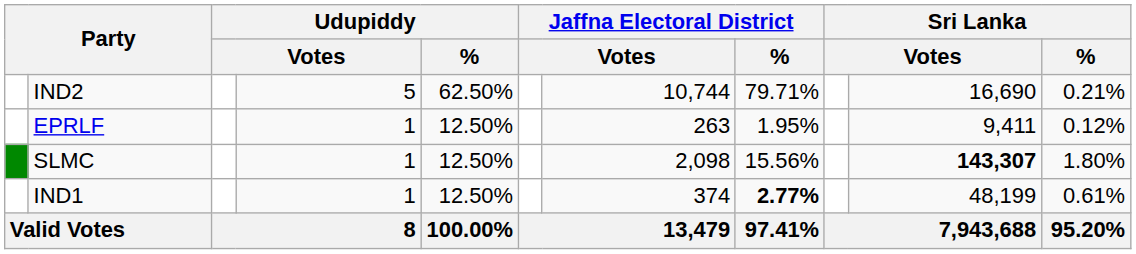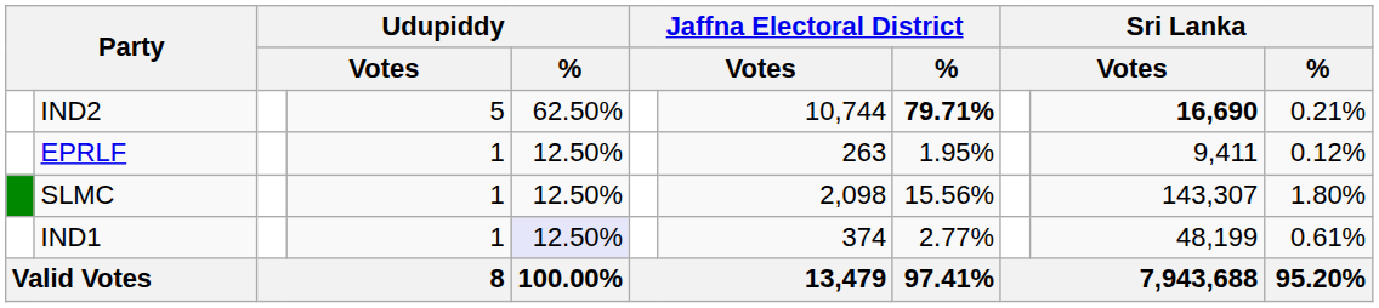 <table class="wikitable">
 <tr>
 <th colspan="2" width="144px"rowspan="2">Party</th>
 <th colspan="3" width="216px">Udupiddy</th>
 <th colspan="3" width="216px"><a href='#'>Jaffna Electoral District</a></th>
 <th colspan="3" width="216px">Sri Lanka</th>
 </tr>
 <tr>
 <th colspan="2" width="144px">Votes</th>
 <th>%</th>
 <th colspan="2" width="144px">Votes</th>
 <th>%</th>
 <th colspan="2" width="144px">Votes</th>
 <th>%</th>
 </tr>
 <tr>
 <td style="background-color:white;" width="10px"></td>
 <td style="text-align:left;">IND2</td>
 <td style="background-color:white;" width="10px"></td>
 <td style="text-align:right;">5</td>
 <td style="text-align:right;">62.50%</td>
 <td style="background-color:white;" width="10px"></td>
 <td style="text-align:right;">10,744</td>
-<td style="text-align:right;">79.71%</td>
+<td style="text-align:right;"><strong>79.71%</strong></td>
 <td style="background-color:white;" width="10px"></td>
-<td style="text-align:right;">16,690</td>
+<td style="text-align:right;"><strong>16,690</strong></td>
 <td style="text-align:right;">0.21%</td>
 </tr>
 <tr>
 <td style="background-color:white;" width="10px"></td>
 <td style="text-align:left;"><a href='#'>EPRLF</a></td>
 <td style="background-color:white;" width="10px"></td>
 <td style="text-align:right;">1</td>
 <td style="text-align:right;">12.50%</td>
 <td style="background-color:white;" width="10px"></td>
 <td style="text-align:right;">263</td>
 <td style="text-align:right;">1.95%</td>
 <td style="background-color:white;" width="10px"></td>
 <td style="text-align:right;">9,411</td>
 <td style="text-align:right;">0.12%</td>
 </tr>
 <tr>
 <td style="background-color:#008800;" width="10px"></td>
 <td style="text-align:left;">SLMC</td>
 <td style="background-color:white;" width="10px"></td>
 <td style="text-align:right;">1</td>
 <td style="text-align:right;">12.50%</td>
 <td style="background-color:white;" width="10px"></td>
 <td style="text-align:right;">2,098</td>
 <td style="text-align:right;">15.56%</td>
 <td style="background-color:white;" width="10px"></td>
-<td style="text-align:right;"><strong>143,307</strong></td>
+<td style="text-align:right;">143,307</td>
 <td style="text-align:right;">1.80%</td>
 </tr>
 <tr>
 <td style="background-color:white;" width="10px"></td>
 <td style="text-align:left;">IND1</td>
 <td style="background-color:white;" width="10px"></td>
 <td style="text-align:right;">1</td>
-<td style="text-align:right;">12.50%</td>
+<td style="background: lavender; text-align:right;">12.50%</td>
 <td style="background-color:white;" width="10px"></td>
 <td style="text-align:right;">374</td>
-<td style="text-align:right;"><strong>2.77%</strong></td>
+<td style="text-align:right;">2.77%</td>
 <td style="background-color:white;" width="10px"></td>
 <td style="text-align:right;">48,199</td>
 <td style="text-align:right;">0.61%</td>
 </tr>
 <tr>
 <th colspan="2" width="144px"style="text-align:left;">Valid Votes</th>
 <th style="text-align:right;"colspan="2" width="144px">8</th>
 <th style="text-align:right;">100.00%</th>
 <th style="text-align:right;"colspan="2" width="144px">13,479</th>
 <th style="text-align:right;">97.41%</th>
 <th style="text-align:right;"colspan="2" width="144px">7,943,688</th>
 <th style="text-align:right;">95.20%</th>
 </tr>
 </table>
